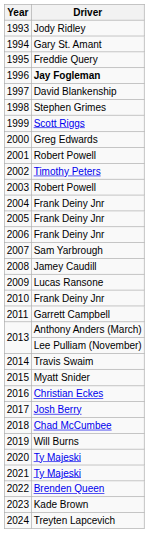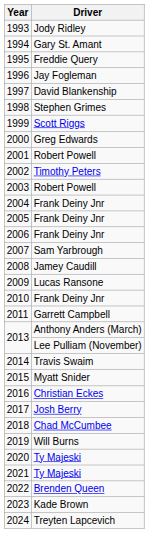 <table class="wikitable" style="font-size: 95%;">
 <tr>
 <th>Year</th>
 <th>Driver</th>
 </tr>
 <tr>
 <td>1993</td>
 <td>Jody Ridley</td>
 </tr>
 <tr>
 <td>1994</td>
 <td>Gary St. Amant</td>
 </tr>
 <tr>
 <td>1995</td>
 <td>Freddie Query</td>
 </tr>
 <tr>
 <td>1996</td>
-<td><strong>Jay Fogleman</strong></td>
+<td>Jay Fogleman</td>
 </tr>
 <tr>
 <td>1997</td>
 <td>David Blankenship</td>
 </tr>
 <tr>
 <td>1998</td>
 <td>Stephen Grimes</td>
 </tr>
 <tr>
 <td>1999</td>
 <td><a href='#'>Scott Riggs</a></td>
 </tr>
 <tr>
 <td>2000</td>
 <td>Greg Edwards</td>
 </tr>
 <tr>
 <td>2001</td>
 <td>Robert Powell</td>
 </tr>
 <tr>
 <td>2002</td>
 <td><a href='#'>Timothy Peters</a></td>
 </tr>
 <tr>
 <td>2003</td>
 <td>Robert Powell</td>
 </tr>
 <tr>
 <td>2004</td>
 <td>Frank Deiny Jnr</td>
 </tr>
 <tr>
 <td>2005</td>
 <td>Frank Deiny Jnr</td>
 </tr>
 <tr>
 <td>2006</td>
 <td>Frank Deiny Jnr</td>
 </tr>
 <tr>
 <td>2007</td>
 <td>Sam Yarbrough</td>
 </tr>
 <tr>
 <td>2008</td>
 <td>Jamey Caudill</td>
 </tr>
 <tr>
 <td>2009</td>
 <td>Lucas Ransone</td>
 </tr>
 <tr>
 <td>2010</td>
 <td>Frank Deiny Jnr</td>
 </tr>
 <tr>
 <td>2011</td>
 <td>Garrett Campbell</td>
 </tr>
 <tr>
 <td rowspan=2>2013</td>
 <td>Anthony Anders (March) </td>
 </tr>
 <tr>
 <td>Lee Pulliam (November)</td>
 </tr>
 <tr>
 <td>2014</td>
 <td>Travis Swaim</td>
 </tr>
 <tr>
 <td>2015</td>
 <td>Myatt Snider</td>
 </tr>
 <tr>
 <td>2016</td>
 <td><a href='#'>Christian Eckes</a></td>
 </tr>
 <tr>
 <td>2017</td>
 <td><a href='#'>Josh Berry</a></td>
 </tr>
 <tr>
 <td>2018</td>
 <td><a href='#'>Chad McCumbee</a></td>
 </tr>
 <tr>
 <td>2019</td>
 <td>Will Burns</td>
 </tr>
 <tr>
 <td>2020</td>
 <td><a href='#'>Ty Majeski</a></td>
 </tr>
 <tr>
 <td>2021</td>
 <td><a href='#'>Ty Majeski</a></td>
 </tr>
 <tr>
 <td>2022</td>
 <td><a href='#'>Brenden Queen</a></td>
 </tr>
 <tr>
 <td>2023</td>
 <td>Kade Brown</td>
 </tr>
 <tr>
 <td>2024</td>
 <td> Treyten Lapcevich</td>
 </tr>
 </table>
